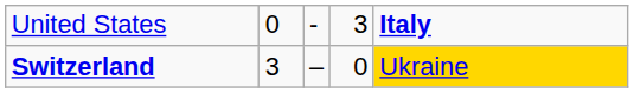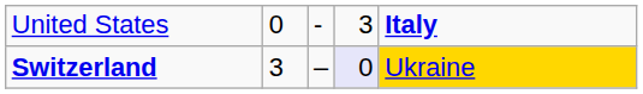 <table class="wikitable">
 <tr>
 <td width=150> <a href='#'>United States</a></td>
 <td style="width:20px; text-align:left;">0</td>
 <td>-</td>
 <td style="width:20px; text-align:right;">3</td>
 <td width=150> <strong><a href='#'>Italy</a></strong></td>
 </tr>
 <tr>
 <td> <strong><a href='#'>Switzerland</a></strong></td>
 <td style="text-align:left;">3</td>
 <td>–</td>
-<td style="text-align:right;">0</td>
+<td style="background: lavender; text-align:right;">0</td>
 <td style="background: gold;"> <a href='#'>Ukraine</a></td>
 </tr>
 </table>
